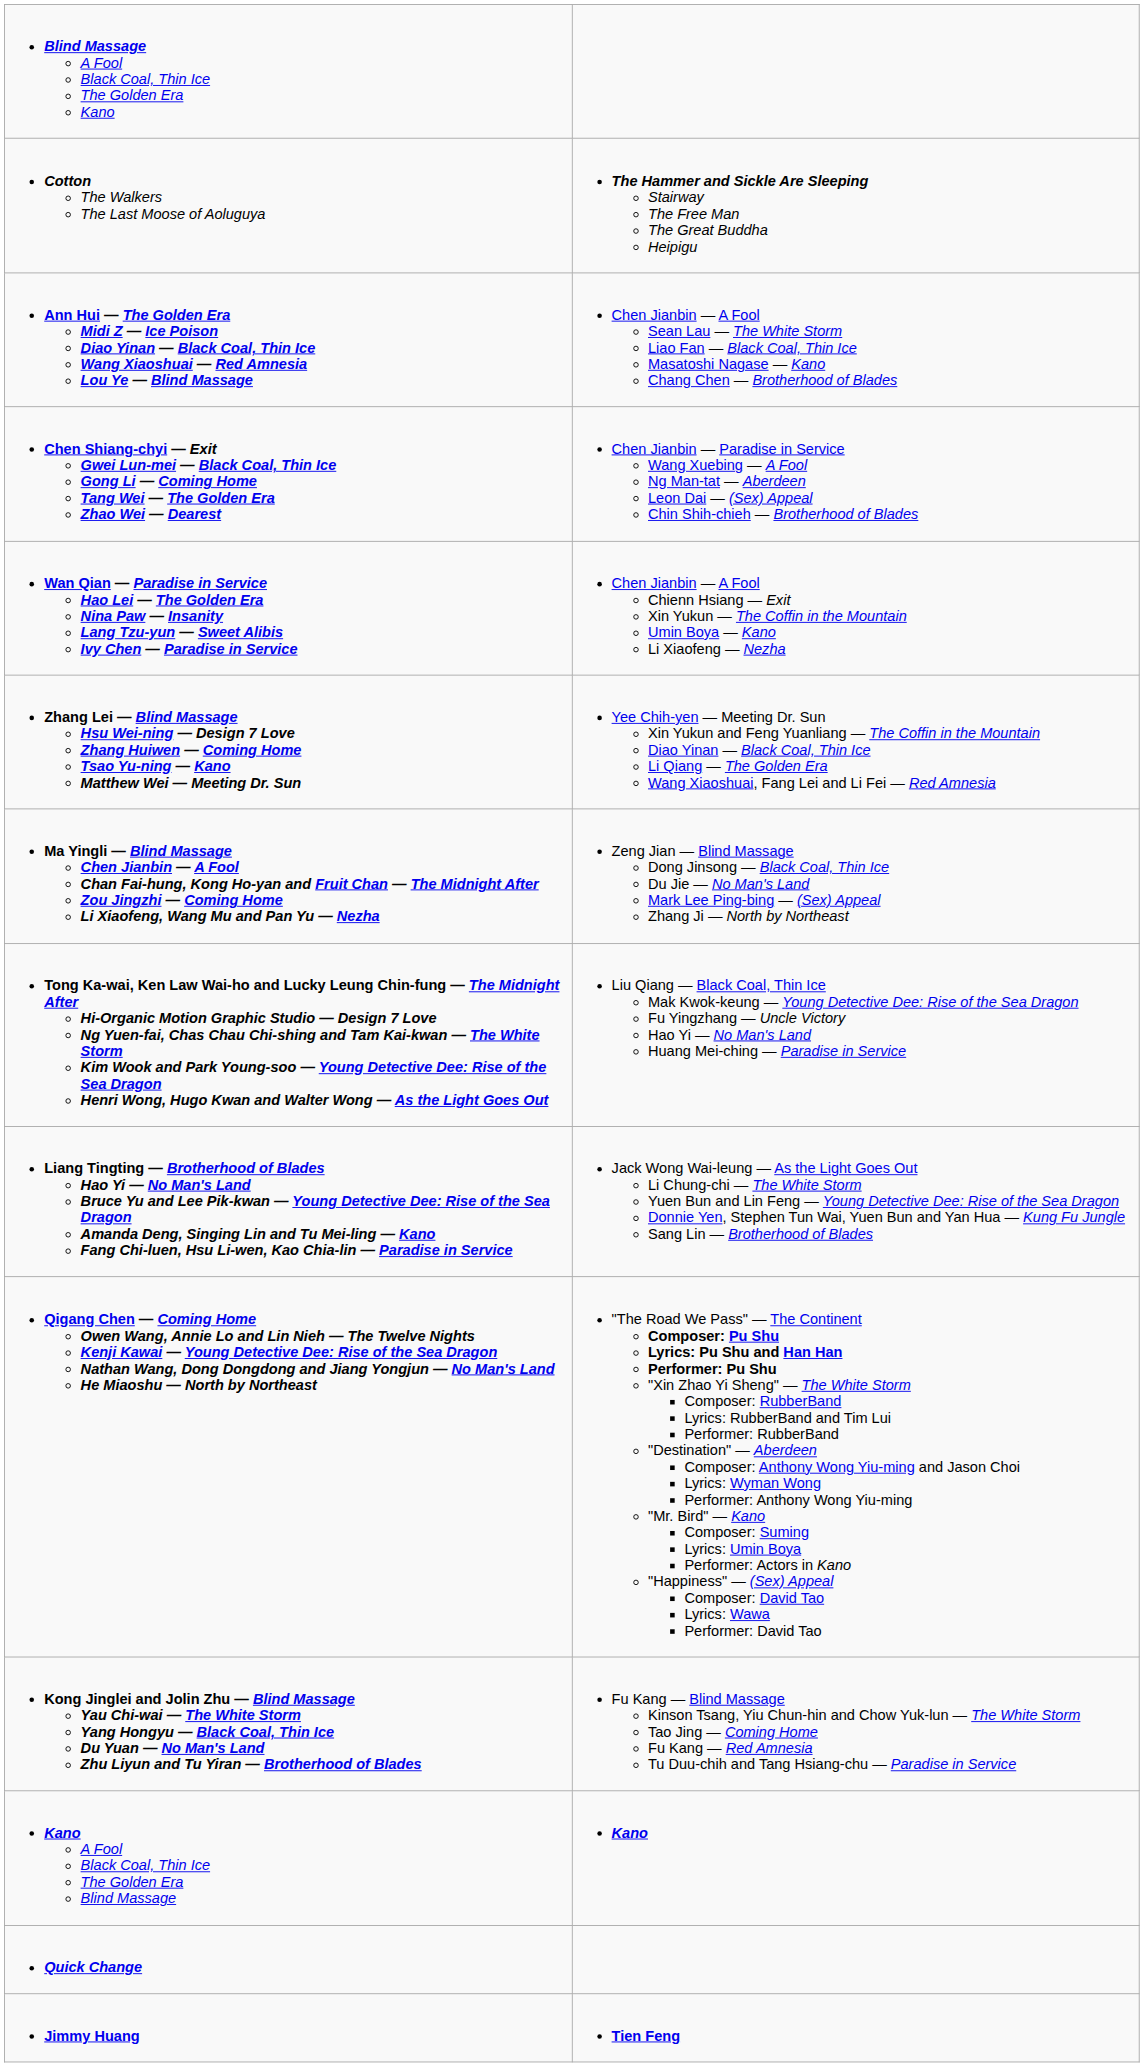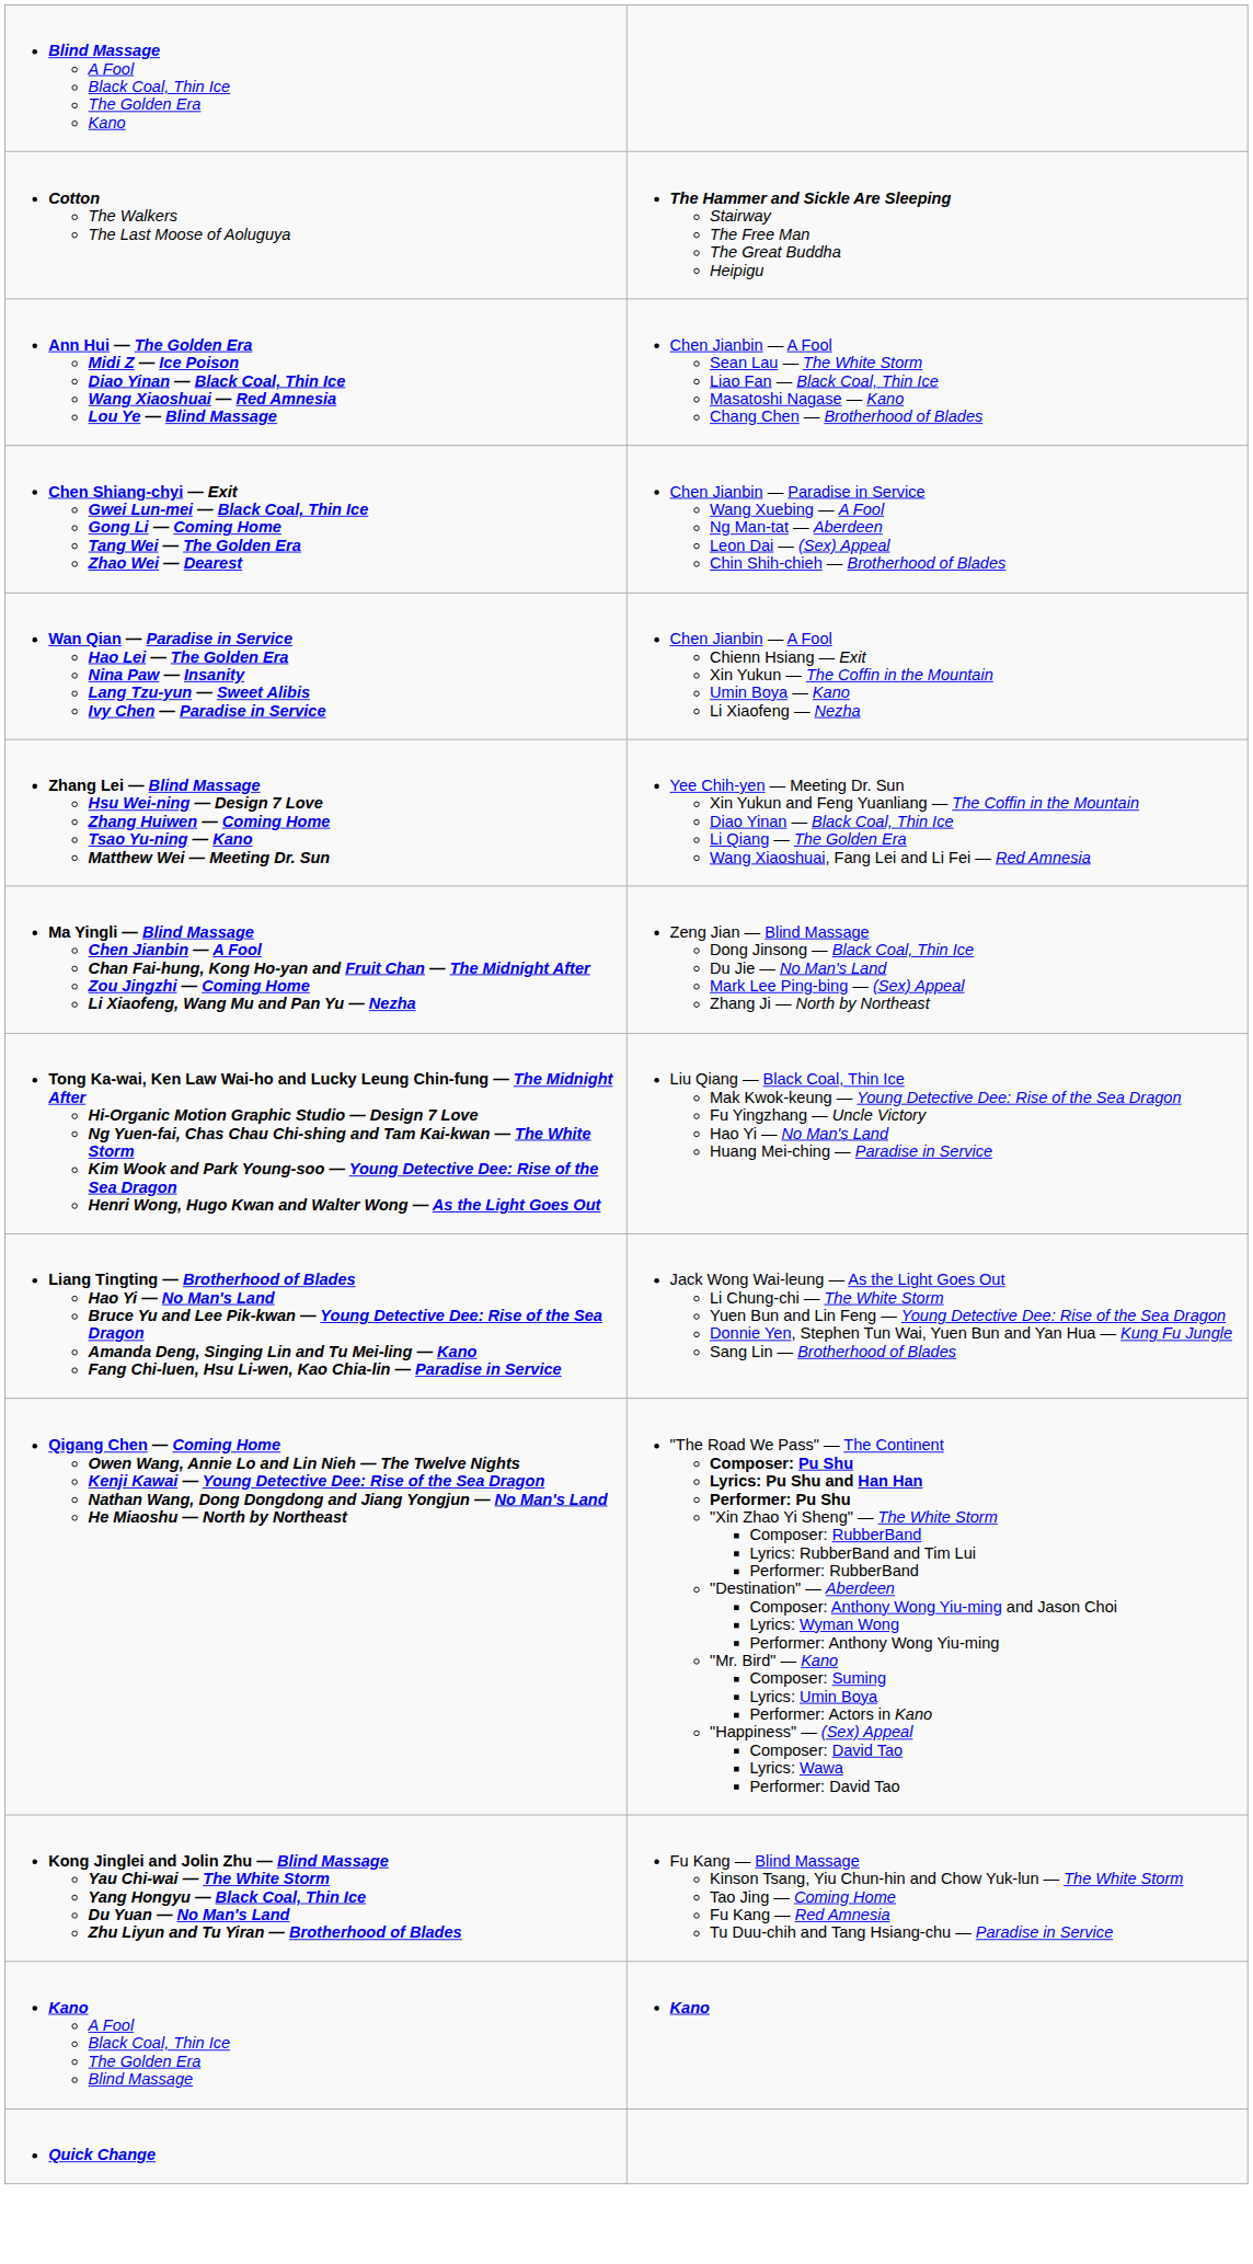 <table class=wikitable>
 <tr>
 <td valign="top" width="50%"><br><ul><li><strong><em><a href='#'>Blind Massage</a></em></strong><ul><li><em><a href='#'>A Fool</a></em></li><li><em><a href='#'>Black Coal, Thin Ice</a></em></li><li><em><a href='#'>The Golden Era</a></em></li><li><em><a href='#'>Kano</a></em></li></ul></li></ul></td>
 <td valign="top" width="50%"><br> </td>
 </tr>
 <tr>
 <td valign="top" width="50%"><br><ul><li><strong><em>Cotton</em></strong><ul><li><em>The Walkers</em></li><li><em>The Last Moose of Aoluguya</em></li></ul></li></ul></td>
 <td valign="top" width="50%"><br><ul><li><strong><em>The Hammer and Sickle Are Sleeping</em></strong><ul><li><em>Stairway</em></li><li><em>The Free Man</em></li><li><em>The Great Buddha</em></li><li><em>Heipigu</em></li></ul></li></ul></td>
 </tr>
 <tr>
 <td valign="top" width="50%"><br><ul><li><strong><a href='#'>Ann Hui</a> — <em><a href='#'>The Golden Era</a><strong><em><ul><li><a href='#'>Midi Z</a>  — </em><a href='#'>Ice Poison</a><em></li><li><a href='#'>Diao Yinan</a> — </em><a href='#'>Black Coal, Thin Ice</a><em></li><li><a href='#'>Wang Xiaoshuai</a> — </em><a href='#'>Red Amnesia</a><em></li><li><a href='#'>Lou Ye</a> — </em><a href='#'>Blind Massage</a><em></li></ul></li></ul></td>
 <td valign="top" width="50%"><br><ul><li></strong><a href='#'>Chen Jianbin</a> — </em><a href='#'>A Fool</a></em></strong><ul><li><a href='#'>Sean Lau</a> — <em><a href='#'>The White Storm</a></em></li><li><a href='#'>Liao Fan</a> — <em><a href='#'>Black Coal, Thin Ice</a></em></li><li><a href='#'>Masatoshi Nagase</a> — <em><a href='#'>Kano</a></em></li><li><a href='#'>Chang Chen</a> — <em><a href='#'>Brotherhood of Blades</a></em></li></ul></li></ul></td>
 </tr>
 <tr>
 <td valign="top" width="50%"><br><ul><li><strong><a href='#'>Chen Shiang-chyi</a> — <em>Exit<strong><em><ul><li><a href='#'>Gwei Lun-mei</a> — </em><a href='#'>Black Coal, Thin Ice</a><em></li><li><a href='#'>Gong Li</a> — </em><a href='#'>Coming Home</a><em></li><li><a href='#'>Tang Wei</a> — </em><a href='#'>The Golden Era</a><em></li><li><a href='#'>Zhao Wei</a> — </em><a href='#'>Dearest</a><em></li></ul></li></ul></td>
 <td valign="top" width="50%"><br><ul><li></strong><a href='#'>Chen Jianbin</a> — </em><a href='#'>Paradise in Service</a></em></strong><ul><li><a href='#'>Wang Xuebing</a> — <em><a href='#'>A Fool</a></em></li><li><a href='#'>Ng Man-tat</a> — <em><a href='#'>Aberdeen</a></em></li><li><a href='#'>Leon Dai</a> — <em><a href='#'>(Sex) Appeal</a></em></li><li><a href='#'>Chin Shih-chieh</a> — <em><a href='#'>Brotherhood of Blades</a></em></li></ul></li></ul></td>
 </tr>
 <tr>
 <td valign="top" width="50%"><br><ul><li><strong><a href='#'>Wan Qian</a> — <em><a href='#'>Paradise in Service</a><strong><em><ul><li><a href='#'>Hao Lei</a> — </em><a href='#'>The Golden Era</a><em></li><li><a href='#'>Nina Paw</a> — </em><a href='#'>Insanity</a><em></li><li><a href='#'>Lang Tzu-yun</a> — </em><a href='#'>Sweet Alibis</a><em></li><li><a href='#'>Ivy Chen</a> — </em><a href='#'>Paradise in Service</a><em></li></ul></li></ul></td>
 <td valign="top" width="50%"><br><ul><li></strong><a href='#'>Chen Jianbin</a> — </em><a href='#'>A Fool</a></em></strong><ul><li>Chienn Hsiang — <em>Exit</em></li><li>Xin Yukun — <em><a href='#'>The Coffin in the Mountain</a></em></li><li><a href='#'>Umin Boya</a> — <em><a href='#'>Kano</a></em></li><li>Li Xiaofeng — <em><a href='#'>Nezha</a></em></li></ul></li></ul></td>
 </tr>
 <tr>
 <td valign="top" width="50%"><br><ul><li><strong>Zhang Lei — <em><a href='#'>Blind Massage</a><strong><em><ul><li><a href='#'>Hsu Wei-ning</a> — </em>Design 7 Love<em></li><li><a href='#'>Zhang Huiwen</a> — </em><a href='#'>Coming Home</a><em></li><li><a href='#'>Tsao Yu-ning</a> — </em><a href='#'>Kano</a><em></li><li>Matthew Wei — </em>Meeting Dr. Sun<em></li></ul></li></ul></td>
 <td valign="top" width="50%"><br><ul><li></strong><a href='#'>Yee Chih-yen</a> — </em>Meeting Dr. Sun</em></strong><ul><li>Xin Yukun and Feng Yuanliang — <em><a href='#'>The Coffin in the Mountain</a></em></li><li><a href='#'>Diao Yinan</a> — <em><a href='#'>Black Coal, Thin Ice</a></em></li><li><a href='#'>Li Qiang</a> — <em><a href='#'>The Golden Era</a></em></li><li><a href='#'>Wang Xiaoshuai</a>, Fang Lei and Li Fei — <em><a href='#'>Red Amnesia</a></em></li></ul></li></ul></td>
 </tr>
 <tr>
 <td valign="top" width="50%"><br><ul><li><strong>Ma Yingli — <em><a href='#'>Blind Massage</a><strong><em><ul><li><a href='#'>Chen Jianbin</a> — </em><a href='#'>A Fool</a><em></li><li>Chan Fai-hung, Kong Ho-yan and <a href='#'>Fruit Chan</a> — </em><a href='#'>The Midnight After</a><em></li><li><a href='#'>Zou Jingzhi</a> — </em><a href='#'>Coming Home</a><em></li><li>Li Xiaofeng, Wang Mu and Pan Yu — </em><a href='#'>Nezha</a><em></li></ul></li></ul></td>
 <td valign="top" width="50%"><br><ul><li></strong>Zeng Jian — </em><a href='#'>Blind Massage</a></em></strong><ul><li>Dong Jinsong — <em><a href='#'>Black Coal, Thin Ice</a></em></li><li>Du Jie — <em><a href='#'>No Man's Land</a></em></li><li><a href='#'>Mark Lee Ping-bing</a> — <em><a href='#'>(Sex) Appeal</a></em></li><li>Zhang Ji — <em>North by Northeast</em></li></ul></li></ul></td>
 </tr>
 <tr>
 <td valign="top" width="50%"><br><ul><li><strong>Tong Ka-wai, Ken Law Wai-ho and Lucky Leung Chin-fung — <em><a href='#'>The Midnight After</a><strong><em><ul><li>Hi-Organic Motion Graphic Studio  — </em>Design 7 Love<em></li><li>Ng Yuen-fai, Chas Chau Chi-shing and Tam Kai-kwan — </em><a href='#'>The White Storm</a><em></li><li>Kim Wook and Park Young-soo — </em><a href='#'>Young Detective Dee: Rise of the Sea Dragon</a><em></li><li>Henri Wong, Hugo Kwan and Walter Wong — </em><a href='#'>As the Light Goes Out</a><em></li></ul></li></ul></td>
 <td valign="top" width="50%"><br><ul><li></strong>Liu Qiang — </em><a href='#'>Black Coal, Thin Ice</a></em></strong><ul><li>Mak Kwok-keung — <em><a href='#'>Young Detective Dee: Rise of the Sea Dragon</a></em></li><li>Fu Yingzhang — <em>Uncle Victory</em></li><li>Hao Yi — <em><a href='#'>No Man's Land</a></em></li><li>Huang Mei-ching — <em><a href='#'>Paradise in Service</a></em></li></ul></li></ul></td>
 </tr>
 <tr>
 <td valign="top" width="50%"><br><ul><li><strong>Liang Tingting — <em><a href='#'>Brotherhood of Blades</a><strong><em><ul><li>Hao Yi — </em><a href='#'>No Man's Land</a><em></li><li>Bruce Yu and Lee Pik-kwan — </em><a href='#'>Young Detective Dee: Rise of the Sea Dragon</a><em></li><li>Amanda Deng, Singing Lin and Tu Mei-ling — </em><a href='#'>Kano</a><em></li><li>Fang Chi-luen, Hsu Li-wen, Kao Chia-lin — </em><a href='#'>Paradise in Service</a><em></li></ul></li></ul></td>
 <td valign="top" width="50%"><br><ul><li></strong>Jack Wong Wai-leung — </em><a href='#'>As the Light Goes Out</a></em></strong><ul><li>Li Chung-chi — <em><a href='#'>The White Storm</a></em></li><li>Yuen Bun and Lin Feng — <em><a href='#'>Young Detective Dee: Rise of the Sea Dragon</a></em></li><li><a href='#'>Donnie Yen</a>, Stephen Tun Wai, Yuen Bun and Yan Hua — <em><a href='#'>Kung Fu Jungle</a></em></li><li>Sang Lin — <em><a href='#'>Brotherhood of Blades</a></em></li></ul></li></ul></td>
 </tr>
 <tr>
 <td valign="top" width="50%"><br><ul><li><strong><a href='#'>Qigang Chen</a> — <em><a href='#'>Coming Home</a><strong><em><ul><li>Owen Wang, Annie Lo and Lin Nieh — </em>The Twelve Nights<em></li><li><a href='#'>Kenji Kawai</a> — </em><a href='#'>Young Detective Dee: Rise of the Sea Dragon</a><em></li><li>Nathan Wang, Dong Dongdong and Jiang Yongjun — </em><a href='#'>No Man's Land</a><em></li><li>He Miaoshu — </em>North by Northeast<em></li></ul></li></ul></td>
 <td valign="top" width="50%"><br><ul><li></strong>"The Road We Pass" — </em><a href='#'>The Continent</a></em></strong><ul><li><strong>Composer: <a href='#'>Pu Shu</a></strong></li><li><strong>Lyrics: Pu Shu and <a href='#'>Han Han</a></strong></li><li><strong>Performer: Pu Shu</strong></li><li>"Xin Zhao Yi Sheng" — <em><a href='#'>The White Storm</a></em><ul><li>Composer: <a href='#'>RubberBand</a></li><li>Lyrics: RubberBand and Tim Lui</li><li>Performer: RubberBand</li></ul></li><li>"Destination" — <em><a href='#'>Aberdeen</a></em><ul><li>Composer: <a href='#'>Anthony Wong Yiu-ming</a> and Jason Choi</li><li>Lyrics: <a href='#'>Wyman Wong</a></li><li>Performer: Anthony Wong Yiu-ming</li></ul></li><li>"Mr. Bird" — <em><a href='#'>Kano</a></em><ul><li>Composer: <a href='#'>Suming</a></li><li>Lyrics: <a href='#'>Umin Boya</a></li><li>Performer: Actors in <em>Kano</em></li></ul></li><li>"Happiness" — <em><a href='#'>(Sex) Appeal</a></em><ul><li>Composer: <a href='#'>David Tao</a></li><li>Lyrics: <a href='#'>Wawa</a></li><li>Performer: David Tao</li></ul></li></ul></li></ul></td>
 </tr>
 <tr>
 <td valign="top" width="50%"><br><ul><li><strong>Kong Jinglei and Jolin Zhu — <em><a href='#'>Blind Massage</a><strong><em><ul><li>Yau Chi-wai — </em><a href='#'>The White Storm</a><em></li><li>Yang Hongyu — </em><a href='#'>Black Coal, Thin Ice</a><em></li><li>Du Yuan — </em><a href='#'>No Man's Land</a><em></li><li>Zhu Liyun and Tu Yiran — </em><a href='#'>Brotherhood of Blades</a><em></li></ul></li></ul></td>
 <td valign="top" width="50%"><br><ul><li></strong>Fu Kang — </em><a href='#'>Blind Massage</a></em></strong><ul><li>Kinson Tsang, Yiu Chun-hin and Chow Yuk-lun — <em><a href='#'>The White Storm</a></em></li><li>Tao Jing — <em><a href='#'>Coming Home</a></em></li><li>Fu Kang — <em><a href='#'>Red Amnesia</a></em></li><li>Tu Duu-chih and Tang Hsiang-chu — <em><a href='#'>Paradise in Service</a></em></li></ul></li></ul></td>
 </tr>
 <tr>
 <td valign="top" width="50%"><br><ul><li><strong><em><a href='#'>Kano</a></em></strong><ul><li><em><a href='#'>A Fool</a></em></li><li><em><a href='#'>Black Coal, Thin Ice</a></em></li><li><em><a href='#'>The Golden Era</a></em></li><li><em><a href='#'>Blind Massage</a></em></li></ul></li></ul></td>
 <td valign="top" width="50%"><br><ul><li><strong><em><a href='#'>Kano</a></em></strong></li></ul></td>
 </tr>
 <tr>
 <td valign="top" width="50%"><br><ul><li><strong><em><a href='#'>Quick Change</a></em></strong></li></ul></td>
 </tr>
-<tr>
-<td valign="top" width="50%"><br><ul><li><strong><a href='#'>Jimmy Huang</a></strong></li></ul></td>
-<td valign="top" width="50%"><br><ul><li><strong><a href='#'>Tien Feng</a></strong></li></ul></td>
-</tr>
 </table>
